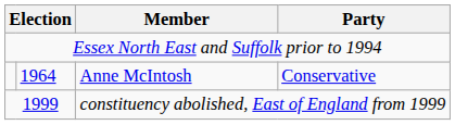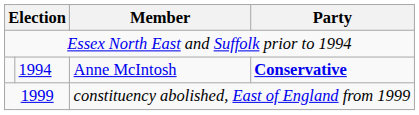 <table class="wikitable">
 <tr>
 <th colspan="2">Election</th>
 <th>Member</th>
 <th>Party</th>
 </tr>
 <tr>
 <td colspan="4" align="center"><em><a href='#'>Essex North East</a> and <a href='#'>Suffolk</a> prior to 1994</em></td>
 </tr>
 <tr>
 <td style="background-color: "></td>
-<td><a href='#'>1964</a></td>
+<td><a href='#'>1994</a></td>
 <td><a href='#'>Anne McIntosh</a></td>
-<td><a href='#'>Conservative</a></td>
+<td><strong><a href='#'>Conservative</a></strong></td>
 </tr>
 <tr>
 <td colspan="2" align="center"><a href='#'>1999</a></td>
 <td colspan="2"><em>constituency abolished, <a href='#'>East of England</a> from 1999</em></td>
 </tr>
 </table>
